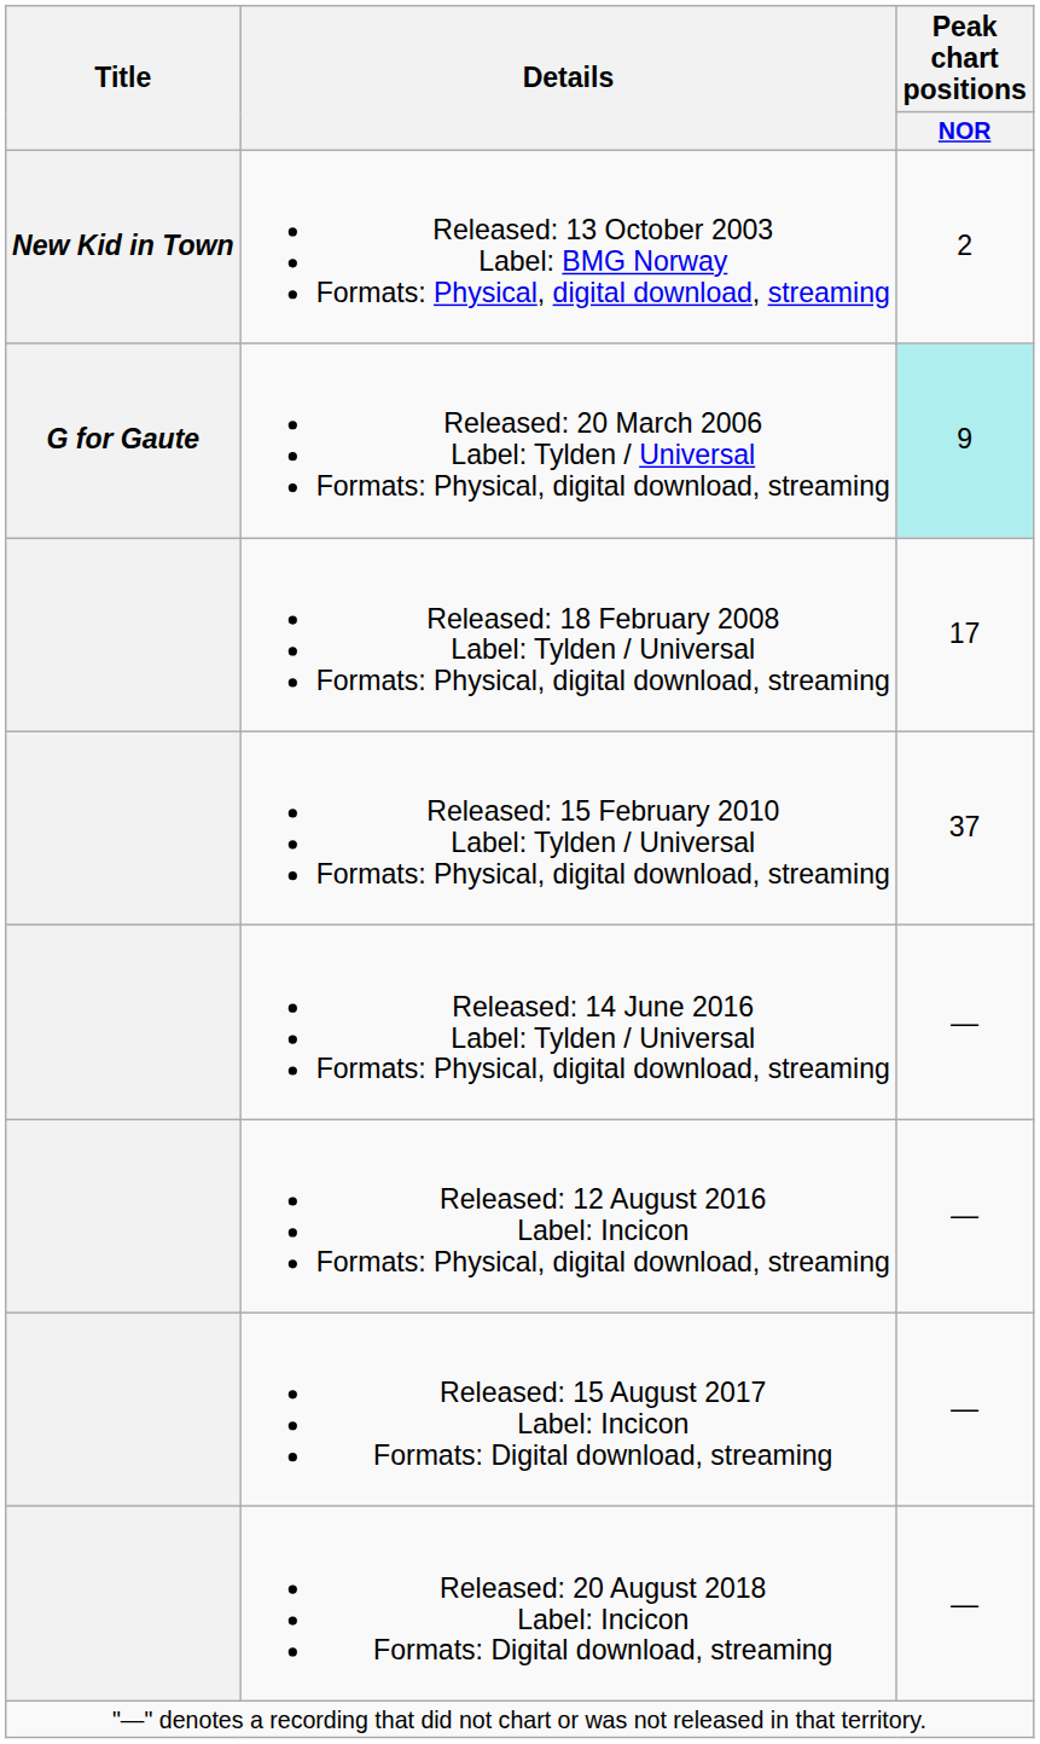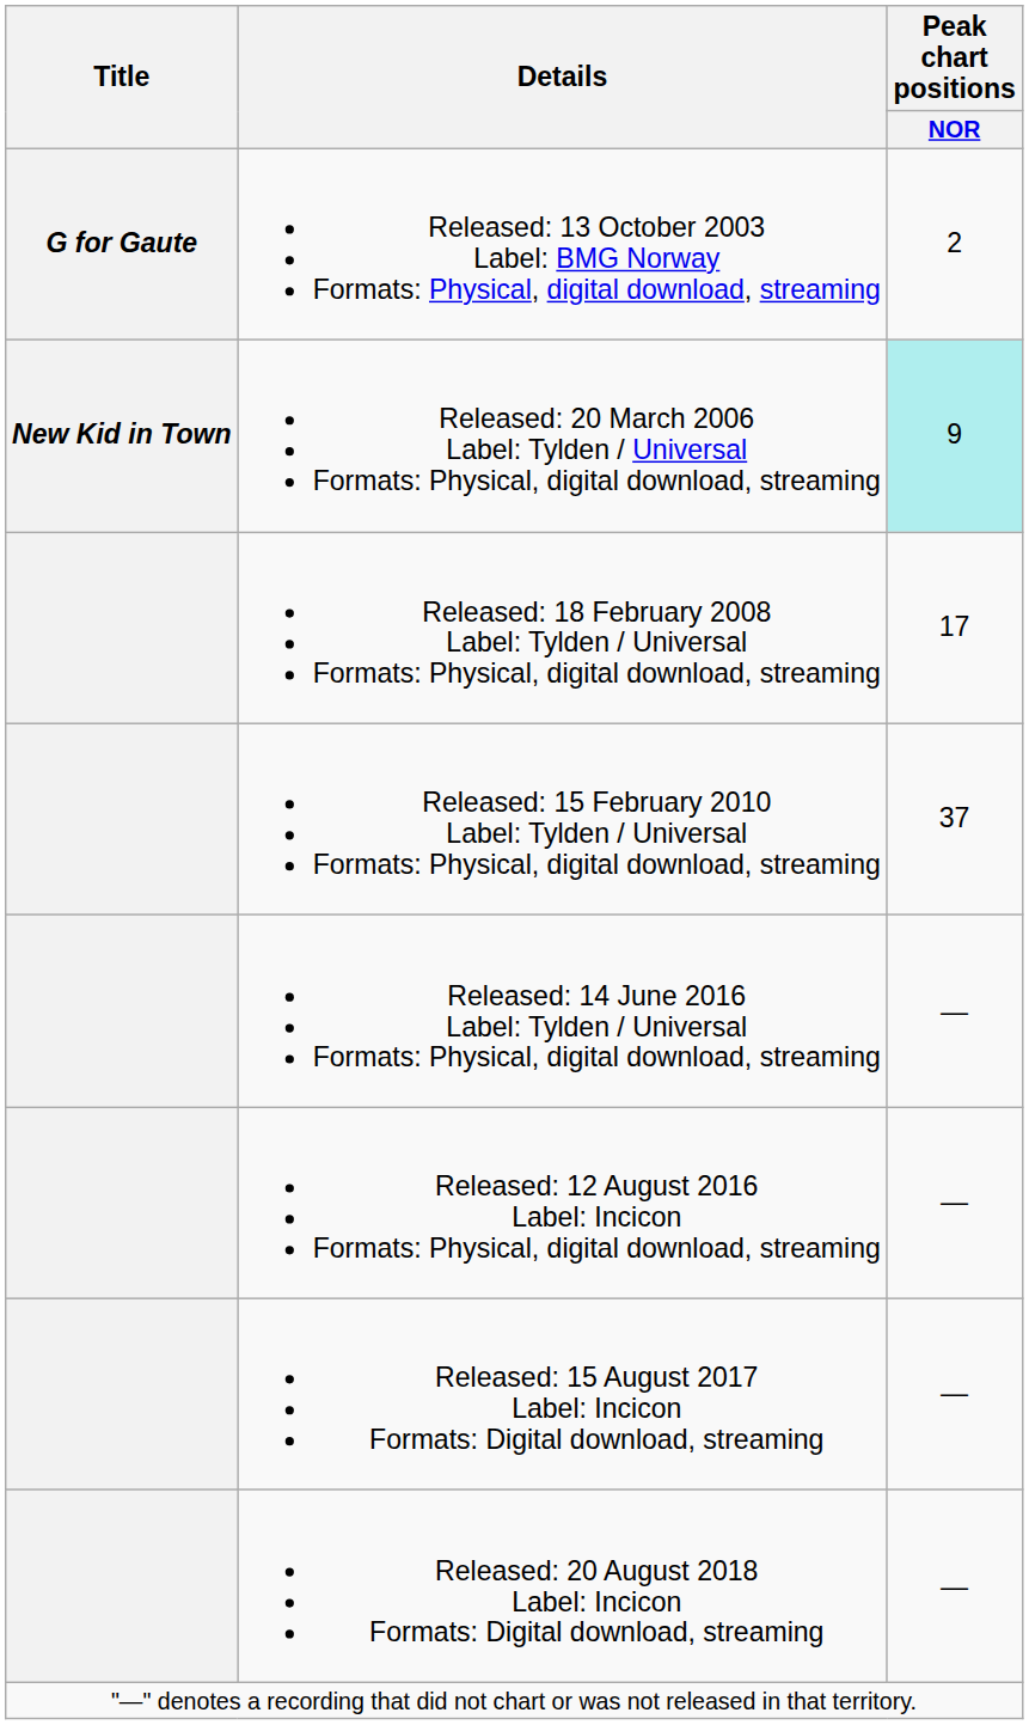 <table class="wikitable plainrowheaders" style="text-align:center;" border="1">
 <tr>
 <th scope="col" rowspan="2">Title</th>
 <th scope="col" rowspan="2">Details</th>
 <th scope="col" colspan="1">Peak chart positions</th>
 </tr>
 <tr>
 <th scope="col" style="width:3em;font-size:85%;"><a href='#'>NOR</a><br></th>
 </tr>
 <tr>
-<th scope="row"><em>New Kid in Town</em></th>
+<th scope="row"><em>G for Gaute</em></th>
 <td><br><ul><li>Released: 13 October 2003</li><li>Label: <a href='#'>BMG Norway</a></li><li>Formats: <a href='#'>Physical</a>, <a href='#'>digital download</a>, <a href='#'>streaming</a></li></ul></td>
 <td>2</td>
 </tr>
 <tr>
-<th scope="row"><em>G for Gaute</em></th>
+<th scope="row"><em>New Kid in Town</em></th>
 <td><br><ul><li>Released: 20 March 2006</li><li>Label: Tylden / <a href='#'>Universal</a></li><li>Formats: Physical, digital download, streaming</li></ul></td>
 <td style="background: paleturquoise;">9</td>
 </tr>
 <tr>
 <th scope="row"></th>
 <td><br><ul><li>Released: 18 February 2008</li><li>Label: Tylden / Universal</li><li>Formats: Physical, digital download, streaming</li></ul></td>
 <td>17</td>
 </tr>
 <tr>
 <th scope="row"></th>
 <td><br><ul><li>Released: 15 February 2010</li><li>Label: Tylden / Universal</li><li>Formats: Physical, digital download, streaming</li></ul></td>
 <td>37</td>
 </tr>
 <tr>
 <th scope="row"></th>
 <td><br><ul><li>Released: 14 June 2016</li><li>Label: Tylden / Universal</li><li>Formats: Physical, digital download, streaming</li></ul></td>
 <td>—</td>
 </tr>
 <tr>
 <th scope="row"></th>
 <td><br><ul><li>Released: 12 August 2016</li><li>Label: Incicon</li><li>Formats: Physical, digital download, streaming</li></ul></td>
 <td>—</td>
 </tr>
 <tr>
 <th scope="row"></th>
 <td><br><ul><li>Released: 15 August 2017</li><li>Label: Incicon</li><li>Formats: Digital download, streaming</li></ul></td>
 <td>—</td>
 </tr>
 <tr>
 <th scope="row"></th>
 <td><br><ul><li>Released: 20 August 2018</li><li>Label: Incicon</li><li>Formats: Digital download, streaming</li></ul></td>
 <td>—</td>
 </tr>
 <tr>
 <td colspan="4" style="font-size:85%">"—" denotes a recording that did not chart or was not released in that territory.</td>
 </tr>
 </table>
